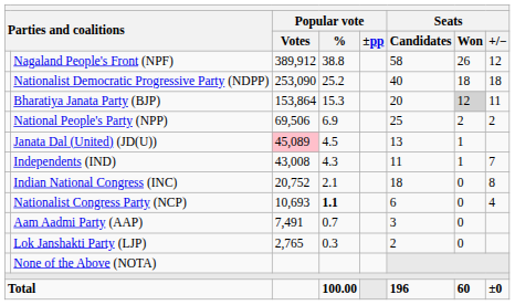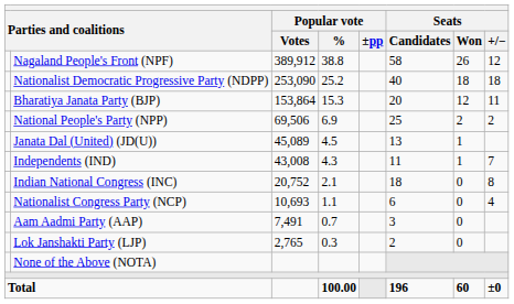 <table class="wikitable">
 <tr>
 <th colspan=8></th>
 </tr>
 <tr style="background:#e9e9e9; text-align:center;">
 <th colspan="2" rowspan="2" style="text-align:left;">Parties and coalitions</th>
 <th colspan="3">Popular vote</th>
 <th colspan="3">Seats</th>
 </tr>
 <tr style="background:#ccc; text-align:center;">
 <th>Votes</th>
 <th><strong>%</strong></th>
 <th><strong>±</strong><a href='#'>pp</a></th>
 <th>Candidates</th>
 <th>Won</th>
 <th><strong>+/−</strong></th>
 </tr>
 <tr>
 <td></td>
 <td><a href='#'>Nagaland People's Front</a> (NPF)</td>
 <td>389,912</td>
 <td>38.8</td>
 <td></td>
 <td>58</td>
 <td>26</td>
 <td>12</td>
 </tr>
 <tr>
 <td></td>
 <td><a href='#'>Nationalist Democratic Progressive Party</a> (NDPP)</td>
 <td>253,090</td>
 <td>25.2</td>
 <td></td>
 <td>40</td>
 <td>18</td>
 <td>18</td>
 </tr>
 <tr>
 <td></td>
 <td><a href='#'>Bharatiya Janata Party</a> (BJP)</td>
 <td>153,864</td>
 <td>15.3</td>
 <td></td>
 <td>20</td>
-<td style="background: lightgrey;">12</td>
+<td>12</td>
 <td>11</td>
 </tr>
 <tr>
 <td></td>
 <td><a href='#'>National People's Party</a> (NPP)</td>
 <td>69,506</td>
 <td>6.9</td>
 <td></td>
 <td>25</td>
 <td>2</td>
 <td>2</td>
 </tr>
 <tr>
 <td></td>
 <td><a href='#'>Janata Dal (United)</a> (JD(U))</td>
-<td style="background: pink;">45,089</td>
+<td>45,089</td>
 <td>4.5</td>
 <td></td>
 <td>13</td>
 <td>1</td>
 <td></td>
 </tr>
 <tr>
 <td></td>
 <td><a href='#'>Independents</a> (IND)</td>
 <td>43,008</td>
 <td>4.3</td>
 <td></td>
 <td>11</td>
 <td>1</td>
 <td>7</td>
 </tr>
 <tr>
 <td></td>
 <td><a href='#'>Indian National Congress</a> (INC)</td>
 <td>20,752</td>
 <td>2.1</td>
 <td></td>
 <td>18</td>
 <td>0</td>
 <td>8</td>
 </tr>
 <tr>
 <td></td>
 <td><a href='#'>Nationalist Congress Party</a> (NCP)</td>
 <td>10,693</td>
-<td><strong>1.1</strong></td>
+<td>1.1</td>
 <td></td>
 <td>6</td>
 <td>0</td>
 <td>4</td>
 </tr>
 <tr>
 <td></td>
 <td><a href='#'>Aam Aadmi Party</a> (AAP)</td>
 <td>7,491</td>
 <td>0.7</td>
 <td></td>
 <td>3</td>
 <td>0</td>
 <td></td>
 </tr>
 <tr>
 <td></td>
 <td><a href='#'>Lok Janshakti Party</a> (LJP)</td>
 <td>2,765</td>
 <td>0.3</td>
 <td></td>
 <td>2</td>
 <td>0</td>
 <td></td>
 </tr>
 <tr>
 <td></td>
 <td><a href='#'>None of the Above</a> (NOTA)</td>
 <td></td>
 <td></td>
 <td></td>
 <td colspan="3" style="background:#e9e9e9;"></td>
 </tr>
 <tr>
 <td colspan="8" style="background:#e9e9e9;"></td>
 </tr>
 <tr style="font-weight:bold;">
 <td colspan="2" style="text-align:left;">Total</td>
 <td></td>
 <td>100.00</td>
 <td style="background:#e9e9e9;"></td>
 <td>196</td>
 <td>60</td>
 <td>±0</td>
 </tr>
 </table>
